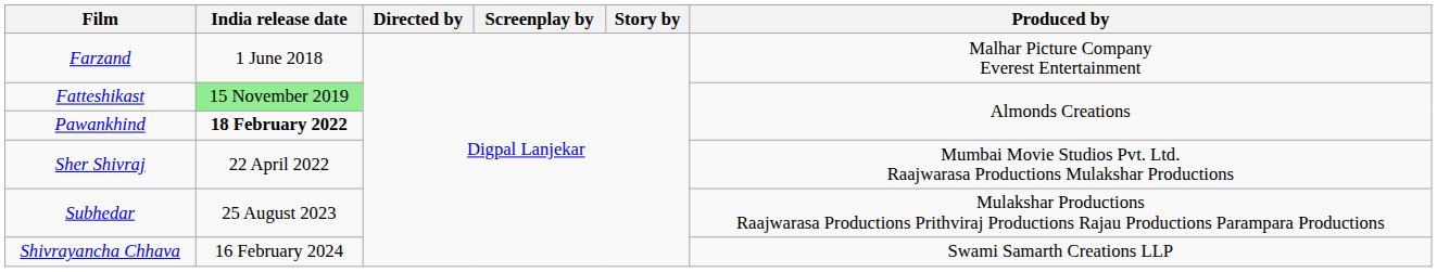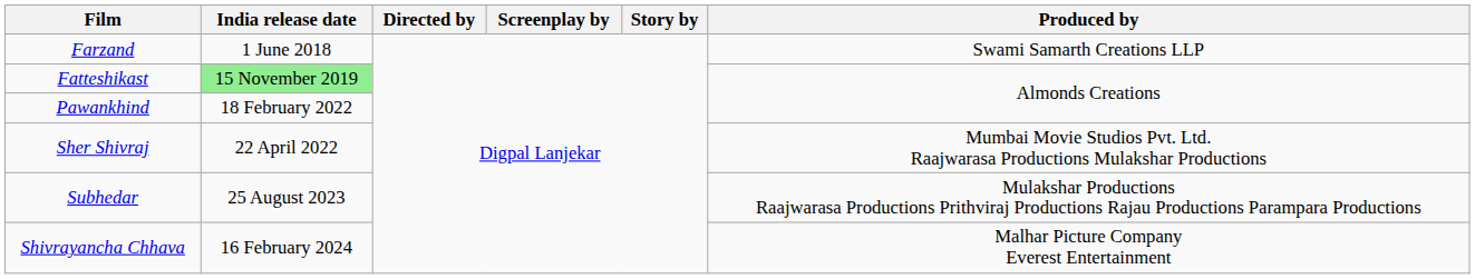 <table class="wikitable plainrowheaders" style="text-align:center; width:100%;">
 <tr>
 <th>Film</th>
 <th>India release date</th>
 <th>Directed by</th>
 <th>Screenplay by</th>
 <th>Story by</th>
 <th>Produced by</th>
 </tr>
 <tr>
 <td><em><a href='#'>Farzand</a></em></td>
 <td>1 June 2018</td>
 <td colspan="3" rowspan="6"><a href='#'>Digpal Lanjekar</a></td>
-<td>Malhar Picture Company<br>Everest Entertainment</td>
+<td>Swami Samarth Creations LLP</td>
 </tr>
 <tr>
 <td><em><a href='#'>Fatteshikast</a></em></td>
 <td style="background: lightgreen;">15 November 2019</td>
 <td rowspan="2">Almonds Creations</td>
 </tr>
 <tr>
 <td><em><a href='#'>Pawankhind</a></em></td>
-<td><strong>18 February 2022</strong></td>
+<td>18 February 2022</td>
 </tr>
 <tr>
 <td><em><a href='#'>Sher Shivraj</a></em></td>
 <td>22 April 2022</td>
 <td>Mumbai Movie Studios Pvt. Ltd.<br>Raajwarasa Productions Mulakshar Productions</td>
 </tr>
 <tr>
 <td><em><a href='#'>Subhedar</a></em></td>
 <td>25 August 2023</td>
 <td>Mulakshar Productions<br>Raajwarasa Productions Prithviraj Productions Rajau Productions Parampara Productions</td>
 </tr>
 <tr>
 <td><em><a href='#'>Shivrayancha Chhava</a></em></td>
 <td>16 February 2024</td>
-<td>Swami Samarth Creations LLP</td>
+<td>Malhar Picture Company<br>Everest Entertainment</td>
 </tr>
 </table>
